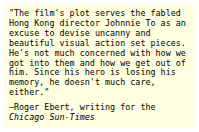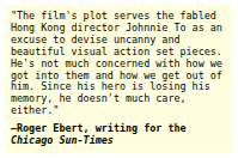 <table class="toccolours" style="float: left; margin-left: 1em; margin-right: 2em; font-size: 85%; background:#FFFFE0; color:black; width:30em; max-width: 40%;" cellspacing="5">
 <tr>
 <td style="text-align: left;">"The film's plot serves the fabled Hong Kong director Johnnie To as an excuse to devise uncanny and beautiful visual action set pieces. He's not much concerned with how we got into them and how we get out of him. Since his hero is losing his memory, he doesn't much care, either."</td>
 </tr>
 <tr>
-<td style="text-align: left;">—Roger Ebert, writing for the <em>Chicago Sun-Times</em></td>
+<td style="text-align: left;"><strong>—Roger Ebert, writing for the <em>Chicago Sun-Times</em></strong></td>
 </tr>
 </table>
